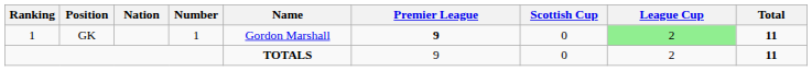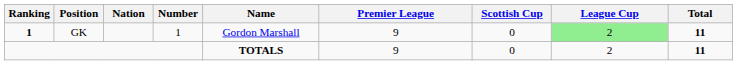 <table class="wikitable" style="font-size: 95%; text-align: center;">
 <tr>
 <th width=60>Ranking</th>
 <th width=60>Position</th>
 <th width=60>Nation</th>
 <th width=60>Number</th>
 <th width=150>Name</th>
 <th width=200><a href='#'>Premier League</a></th>
 <th width=100><a href='#'>Scottish Cup</a></th>
 <th width=150><a href='#'>League Cup</a></th>
 <th width=80>Total</th>
 </tr>
 <tr>
-<td>1</td>
+<td><strong>1</strong></td>
 <td>GK</td>
 <td></td>
 <td>1</td>
 <td><a href='#'>Gordon Marshall</a></td>
-<td><strong>9</strong></td>
+<td>9</td>
 <td>0</td>
 <td style="background: lightgreen;">2</td>
 <td><strong>11</strong></td>
 </tr>
 <tr>
 <td colspan="4"></td>
 <td><strong>TOTALS</strong></td>
 <td>9</td>
 <td>0</td>
 <td>2</td>
 <td><strong>11</strong></td>
 </tr>
 </table>
